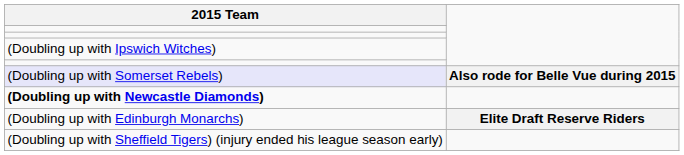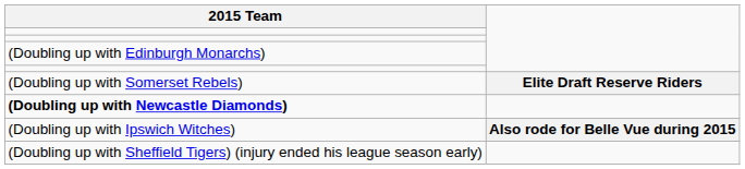 <table class="wikitable collapsible collapsed">
 <tr>
 <th>2015 Team</th>
 </tr>
 <tr>
 <td></td>
 </tr>
 <tr>
 <td></td>
 </tr>
 <tr>
-<td> (Doubling up with <a href='#'>Ipswich Witches</a>)</td>
+<td> (Doubling up with <a href='#'>Edinburgh Monarchs</a>)</td>
 </tr>
 <tr>
 <td></td>
 </tr>
 <tr>
-<td style="background: lavender;"> (Doubling up with <a href='#'>Somerset Rebels</a>)</td>
-<th>Also rode for Belle Vue during 2015</th>
+<td> (Doubling up with <a href='#'>Somerset Rebels</a>)</td>
+<th>Elite Draft Reserve Riders</th>
 </tr>
 <tr>
 <td><strong> (Doubling up with <a href='#'>Newcastle Diamonds</a>)</strong></td>
 </tr>
 <tr>
-<td> (Doubling up with <a href='#'>Edinburgh Monarchs</a>)</td>
-<th>Elite Draft Reserve Riders</th>
+<td> (Doubling up with <a href='#'>Ipswich Witches</a>)</td>
+<th>Also rode for Belle Vue during 2015</th>
 </tr>
 <tr>
 <td> (Doubling up with <a href='#'>Sheffield Tigers</a>) (injury ended his league season early)</td>
 </tr>
 </table>
